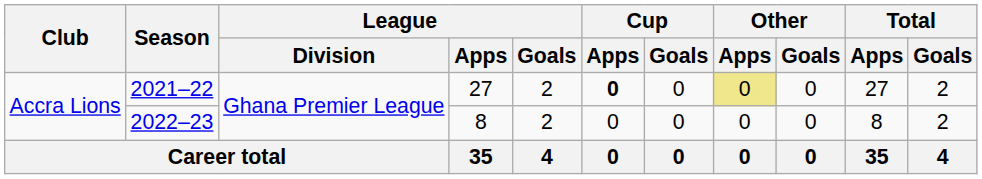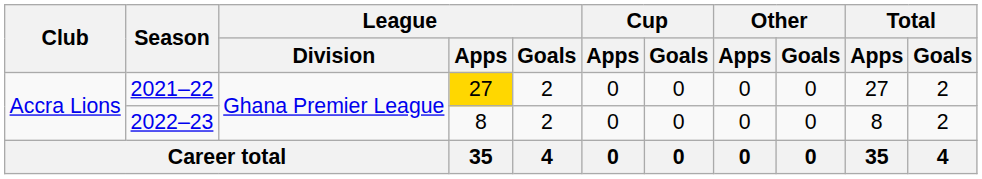 <table class="wikitable" style="text-align:center">
 <tr>
 <th rowspan="2">Club</th>
 <th rowspan="2">Season</th>
 <th colspan="3">League</th>
 <th colspan="2">Cup</th>
 <th colspan="2">Other</th>
 <th colspan="2">Total</th>
 </tr>
 <tr>
 <th>Division</th>
 <th>Apps</th>
 <th>Goals</th>
 <th>Apps</th>
 <th>Goals</th>
 <th>Apps</th>
 <th>Goals</th>
 <th>Apps</th>
 <th>Goals</th>
 </tr>
 <tr>
 <td rowspan="2"><a href='#'>Accra Lions</a></td>
 <td><a href='#'>2021–22</a></td>
 <td rowspan="2"><a href='#'>Ghana Premier League</a></td>
-<td>27</td>
+<td style="background: gold;">27</td>
 <td>2</td>
-<td><strong>0</strong></td>
 <td>0</td>
-<td style="background: khaki;">0</td>
+<td>0</td>
+<td>0</td>
 <td>0</td>
 <td>27</td>
 <td>2</td>
 </tr>
 <tr>
 <td><a href='#'>2022–23</a></td>
 <td>8</td>
 <td>2</td>
 <td>0</td>
 <td>0</td>
 <td>0</td>
 <td>0</td>
 <td>8</td>
 <td>2</td>
 </tr>
 <tr>
 <th colspan=3>Career total</th>
 <th>35</th>
 <th>4</th>
 <th>0</th>
 <th>0</th>
 <th>0</th>
 <th>0</th>
 <th>35</th>
 <th>4</th>
 </tr>
 </table>
